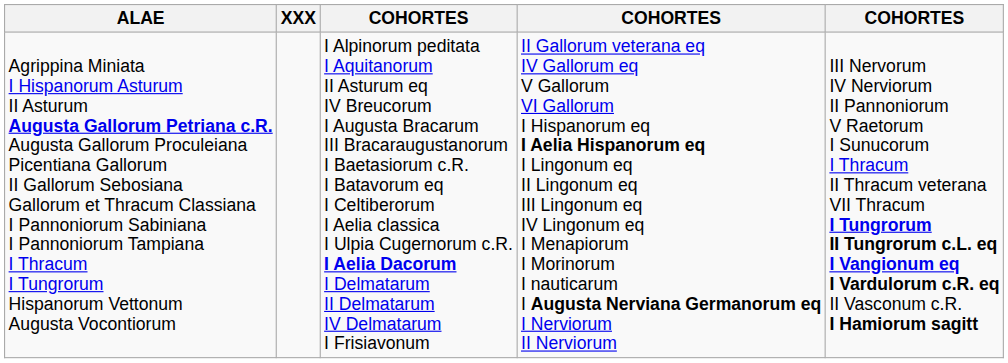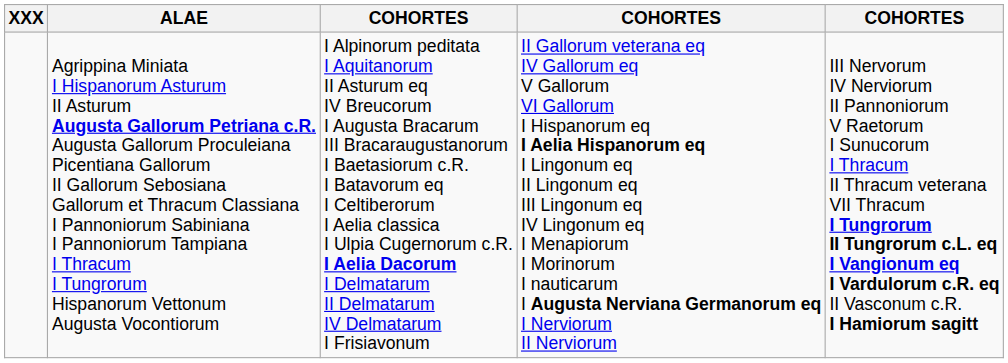 <table class=wikitable>
 <tr>
+<th>XXX</th>
 <th>ALAE</th>
-<th>XXX</th>
 <th>COHORTES</th>
 <th>COHORTES</th>
 <th>COHORTES</th>
 </tr>
 <tr>
+<td></td>
 <td>Agrippina Miniata<br><a href='#'>I Hispanorum Asturum</a><br>II Asturum<br><strong><a href='#'>Augusta Gallorum Petriana c.R.</a></strong><br>Augusta Gallorum Proculeiana<br>Picentiana Gallorum<br>II Gallorum Sebosiana<br>Gallorum et Thracum Classiana<br>I Pannoniorum Sabiniana<br>I Pannoniorum Tampiana<br><a href='#'>I Thracum</a><br><a href='#'>I Tungrorum</a><br>Hispanorum Vettonum<br>Augusta Vocontiorum</td>
-<td></td>
 <td>I Alpinorum peditata <br><a href='#'>I Aquitanorum</a><br>II Asturum eq<br>IV Breucorum<br>I Augusta Bracarum<br>III Bracaraugustanorum<br>I Baetasiorum c.R.<br>I Batavorum eq<br>I Celtiberorum<br>I Aelia classica<br>I Ulpia Cugernorum c.R.<br><strong><a href='#'>I Aelia Dacorum</a></strong><br><a href='#'>I Delmatarum</a><br><a href='#'>II Delmatarum</a><br><a href='#'>IV Delmatarum</a><br>I Frisiavonum</td>
 <td><a href='#'>II Gallorum veterana eq</a><br><a href='#'>IV Gallorum eq</a><br>V Gallorum<br><a href='#'>VI Gallorum</a><br>I Hispanorum eq<br><strong>I Aelia Hispanorum eq</strong><br>I Lingonum eq<br>II Lingonum eq<br>III Lingonum eq<br>IV Lingonum eq<br>I Menapiorum<br>I Morinorum<br>I nauticarum<br>I <strong>Augusta Nerviana Germanorum eq</strong><br><a href='#'>I Nerviorum</a><br><a href='#'>II Nerviorum</a></td>
 <td>III Nervorum<br>IV Nerviorum<br>II Pannoniorum<br>V Raetorum<br>I Sunucorum<br><a href='#'>I Thracum</a><br>II Thracum veterana<br>VII Thracum<br><strong><a href='#'>I Tungrorum</a></strong><br><strong>II Tungrorum c.L. eq</strong><br><strong><a href='#'>I Vangionum eq</a></strong><br><strong>I Vardulorum c.R. eq</strong><br>II Vasconum c.R.<br><strong>I Hamiorum sagitt</strong></td>
 </tr>
 </table>
